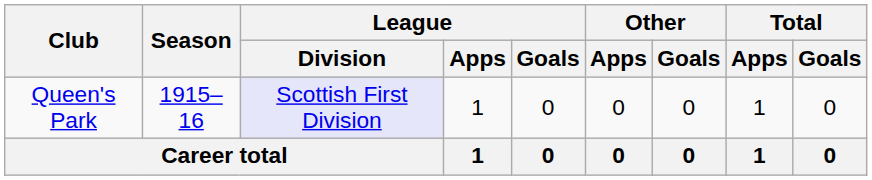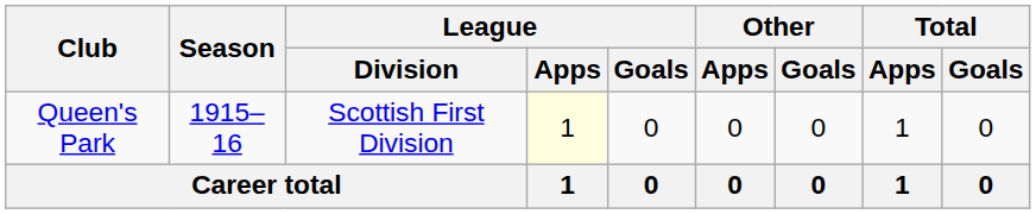 <table class="wikitable" style="text-align: center;">
 <tr>
 <th rowspan="2">Club</th>
 <th rowspan="2">Season</th>
 <th colspan="3">League</th>
 <th colspan="2">Other</th>
 <th colspan="2">Total</th>
 </tr>
 <tr>
 <th>Division</th>
 <th>Apps</th>
 <th>Goals</th>
 <th>Apps</th>
 <th>Goals</th>
 <th>Apps</th>
 <th>Goals</th>
 </tr>
 <tr>
 <td><a href='#'>Queen's Park</a></td>
 <td><a href='#'>1915–16</a></td>
-<td style="background: lavender;"><a href='#'>Scottish First Division</a></td>
-<td>1</td>
+<td><a href='#'>Scottish First Division</a></td>
+<td style="background: lightyellow;">1</td>
 <td>0</td>
 <td>0</td>
 <td>0</td>
 <td>1</td>
 <td>0</td>
 </tr>
 <tr>
 <th colspan="3">Career total</th>
 <th>1</th>
 <th>0</th>
 <th>0</th>
 <th>0</th>
 <th>1</th>
 <th>0</th>
 </tr>
 </table>
